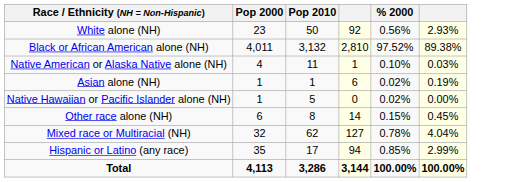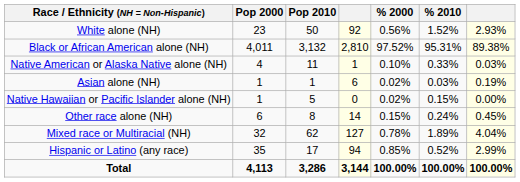 <table class="wikitable" style="text-align:center;">
 <tr>
 <th>Race / Ethnicity <small>(<em>NH = Non-Hispanic</em>)</small></th>
 <th>Pop 2000</th>
 <th>Pop 2010</th>
 <th></th>
 <th>% 2000</th>
+<th>% 2010</th>
 <th></th>
 </tr>
 <tr>
 <td><a href='#'>White</a> alone (NH)</td>
 <td>23</td>
 <td>50</td>
 <td style='background: #ffffe6;'>92</td>
 <td>0.56%</td>
+<td>1.52%</td>
 <td style='background: #ffffe6;'>2.93%</td>
 </tr>
 <tr>
 <td><a href='#'>Black or African American</a> alone (NH)</td>
 <td>4,011</td>
 <td>3,132</td>
 <td style='background: #ffffe6;'>2,810</td>
 <td>97.52%</td>
+<td>95.31%</td>
 <td style='background: #ffffe6;'>89.38%</td>
 </tr>
 <tr>
 <td><a href='#'>Native American</a> or <a href='#'>Alaska Native</a> alone (NH)</td>
 <td>4</td>
 <td>11</td>
 <td style='background: #ffffe6;'>1</td>
 <td>0.10%</td>
+<td>0.33%</td>
 <td style='background: #ffffe6;'>0.03%</td>
 </tr>
 <tr>
 <td><a href='#'>Asian</a> alone (NH)</td>
 <td>1</td>
 <td>1</td>
 <td style='background: #ffffe6;'>6</td>
 <td>0.02%</td>
+<td>0.03%</td>
 <td style='background: #ffffe6;'>0.19%</td>
 </tr>
 <tr>
 <td><a href='#'>Native Hawaiian</a> or <a href='#'>Pacific Islander</a> alone (NH)</td>
 <td>1</td>
 <td>5</td>
 <td style='background: #ffffe6;'>0</td>
 <td>0.02%</td>
+<td>0.15%</td>
 <td style='background: #ffffe6;'>0.00%</td>
 </tr>
 <tr>
 <td><a href='#'>Other race</a> alone (NH)</td>
 <td>6</td>
 <td>8</td>
 <td style='background: #ffffe6;'>14</td>
 <td>0.15%</td>
+<td>0.24%</td>
 <td style='background: #ffffe6;'>0.45%</td>
 </tr>
 <tr>
 <td><a href='#'>Mixed race or Multiracial</a> (NH)</td>
 <td>32</td>
 <td>62</td>
 <td style='background: #ffffe6;'>127</td>
 <td>0.78%</td>
+<td>1.89%</td>
 <td style='background: #ffffe6;'>4.04%</td>
 </tr>
 <tr>
 <td><a href='#'>Hispanic or Latino</a> (any race)</td>
 <td>35</td>
 <td>17</td>
 <td style='background: #ffffe6;'>94</td>
 <td>0.85%</td>
+<td>0.52%</td>
 <td style='background: #ffffe6;'>2.99%</td>
 </tr>
 <tr>
 <td><strong>Total</strong></td>
 <td><strong>4,113</strong></td>
 <td><strong>3,286</strong></td>
 <td style='background: #ffffe6;'><strong>3,144</strong></td>
 <td><strong>100.00%</strong></td>
+<td><strong>100.00%</strong></td>
 <td style='background: #ffffe6;'><strong>100.00%</strong></td>
 </tr>
 </table>
